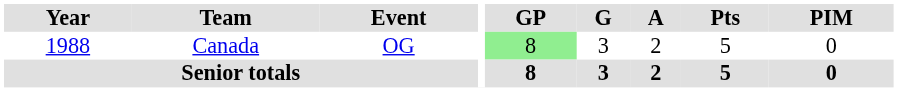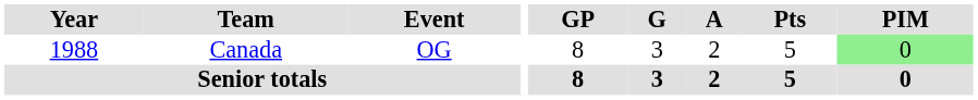 <table border="0" cellpadding="1" cellspacing="0" ID="Table3" style="text-align:center; width:40em">
 <tr ALIGN="center" bgcolor="#e0e0e0">
 <th>Year</th>
 <th>Team</th>
 <th>Event</th>
 <th rowspan="99" bgcolor="#ffffff"></th>
 <th>GP</th>
 <th>G</th>
 <th>A</th>
 <th>Pts</th>
 <th>PIM</th>
 </tr>
 <tr>
 <td><a href='#'>1988</a></td>
 <td><a href='#'>Canada</a></td>
 <td><a href='#'>OG</a></td>
-<td style="background: lightgreen;">8</td>
+<td>8</td>
 <td>3</td>
 <td>2</td>
 <td>5</td>
-<td>0</td>
+<td style="background: lightgreen;">0</td>
 </tr>
 <tr bgcolor="#e0e0e0">
 <th colspan="3">Senior totals</th>
 <th>8</th>
 <th>3</th>
 <th>2</th>
 <th>5</th>
 <th>0</th>
 </tr>
 </table>
